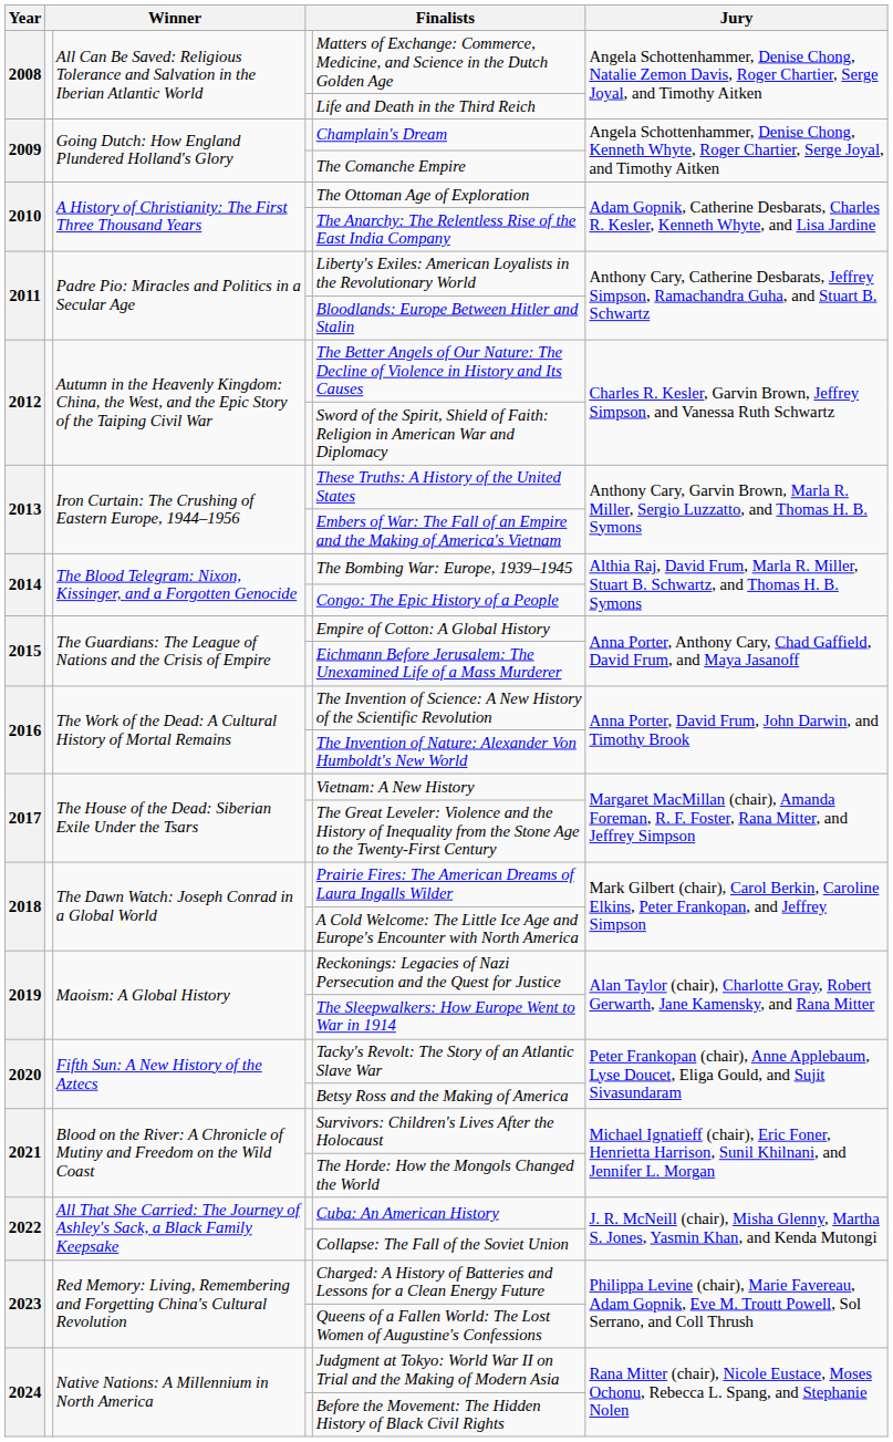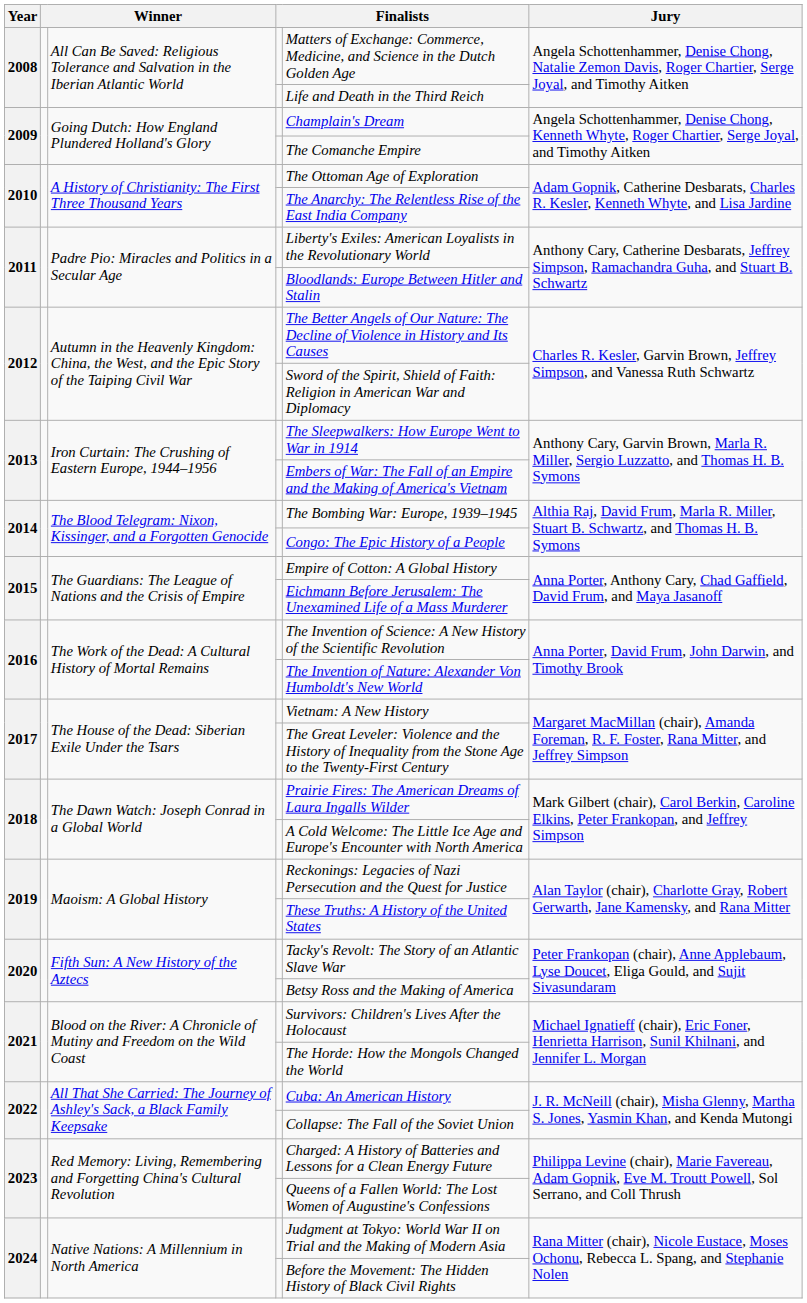 <table class="wikitable sortable">
 <tr>
 <th scope="col">Year</th>
 <th scope="colgroup" colspan="2">Winner</th>
 <th scope="colgroup" colspan="2">Finalists</th>
 <th scope="col" class="unsortable">Jury</th>
 </tr>
 <tr>
 <th scope="rowgroup" rowspan="2">2008</th>
 <td rowspan="2"></td>
 <td rowspan="2"><em>All Can Be Saved: Religious Tolerance and Salvation in the Iberian Atlantic World</em></td>
 <td></td>
 <td><em>Matters of Exchange: Commerce, Medicine, and Science in the Dutch Golden Age</em></td>
 <td rowspan="2">Angela Schottenhammer, <a href='#'>Denise Chong</a>, <a href='#'>Natalie Zemon Davis</a>, <a href='#'>Roger Chartier</a>, <a href='#'>Serge Joyal</a>, and Timothy Aitken</td>
 </tr>
 <tr>
 <td></td>
 <td><em>Life and Death in the Third Reich</em></td>
 </tr>
 <tr>
 <th scope="rowgroup" rowspan="2">2009</th>
 <td rowspan="2"></td>
 <td rowspan="2"><em>Going Dutch: How England Plundered Holland's Glory</em></td>
 <td></td>
 <td><em><a href='#'>Champlain's Dream</a></em></td>
 <td rowspan="2">Angela Schottenhammer, <a href='#'>Denise Chong</a>, <a href='#'>Kenneth Whyte</a>, <a href='#'>Roger Chartier</a>, <a href='#'>Serge Joyal</a>, and Timothy Aitken</td>
 </tr>
 <tr>
 <td></td>
 <td><em>The Comanche Empire</em></td>
 </tr>
 <tr>
 <th scope="rowgroup" rowspan="2">2010</th>
 <td rowspan="2"></td>
 <td rowspan="2"><em><a href='#'>A History of Christianity: The First Three Thousand Years</a></em></td>
 <td></td>
 <td><em>The Ottoman Age of Exploration</em></td>
 <td rowspan="2"><a href='#'>Adam Gopnik</a>, Catherine Desbarats, <a href='#'>Charles R. Kesler</a>, <a href='#'>Kenneth Whyte</a>, and <a href='#'>Lisa Jardine</a></td>
 </tr>
 <tr>
 <td></td>
 <td><em><a href='#'>The Anarchy: The Relentless Rise of the East India Company</a></em></td>
 </tr>
 <tr>
 <th scope="rowgroup" rowspan="2">2011</th>
 <td rowspan="2"></td>
 <td rowspan="2"><em>Padre Pio: Miracles and Politics in a Secular Age</em></td>
 <td></td>
 <td><em>Liberty's Exiles: American Loyalists in the Revolutionary World</em></td>
 <td rowspan="2">Anthony Cary, Catherine Desbarats, <a href='#'>Jeffrey Simpson</a>, <a href='#'>Ramachandra Guha</a>, and <a href='#'>Stuart B. Schwartz</a></td>
 </tr>
 <tr>
 <td></td>
 <td><em><a href='#'>Bloodlands: Europe Between Hitler and Stalin</a></em></td>
 </tr>
 <tr>
 <th scope="rowgroup" rowspan="2">2012</th>
 <td rowspan="2"></td>
 <td rowspan="2"><em>Autumn in the Heavenly Kingdom: China, the West, and the Epic Story of the Taiping Civil War</em></td>
 <td></td>
 <td><em><a href='#'>The Better Angels of Our Nature: The Decline of Violence in History and Its Causes</a></em></td>
 <td rowspan="2"><a href='#'>Charles R. Kesler</a>, Garvin Brown, <a href='#'>Jeffrey Simpson</a>, and Vanessa Ruth Schwartz</td>
 </tr>
 <tr>
 <td></td>
 <td><em>Sword of the Spirit, Shield of Faith: Religion in American War and Diplomacy</em></td>
 </tr>
 <tr>
 <th scope="rowgroup" rowspan="2">2013</th>
 <td rowspan="2"></td>
 <td rowspan="2"><em>Iron Curtain: The Crushing of Eastern Europe, 1944–1956</em></td>
 <td></td>
-<td><em><a href='#'>These Truths: A History of the United States</a></em></td>
+<td><em><a href='#'>The Sleepwalkers: How Europe Went to War in 1914</a></em></td>
 <td rowspan="2">Anthony Cary, Garvin Brown, <a href='#'>Marla R. Miller</a>, <a href='#'>Sergio Luzzatto</a>, and <a href='#'>Thomas H. B. Symons</a></td>
 </tr>
 <tr>
 <td></td>
 <td><em><a href='#'>Embers of War: The Fall of an Empire and the Making of America's Vietnam</a></em></td>
 </tr>
 <tr>
 <th scope="rowgroup" rowspan="2">2014</th>
 <td rowspan="2"></td>
 <td rowspan="2"><em><a href='#'>The Blood Telegram: Nixon, Kissinger, and a Forgotten Genocide</a></em></td>
 <td></td>
 <td><em>The Bombing War: Europe, 1939–1945</em></td>
 <td rowspan="2"><a href='#'>Althia Raj</a>, <a href='#'>David Frum</a>, <a href='#'>Marla R. Miller</a>, <a href='#'>Stuart B. Schwartz</a>, and <a href='#'>Thomas H. B. Symons</a></td>
 </tr>
 <tr>
 <td></td>
 <td><em><a href='#'>Congo: The Epic History of a People</a></em></td>
 </tr>
 <tr>
 <th scope="rowgroup" rowspan="2">2015</th>
 <td rowspan="2"></td>
 <td rowspan="2"><em>The Guardians: The League of Nations and the Crisis of Empire</em></td>
 <td></td>
 <td><em>Empire of Cotton: A Global History</em></td>
 <td rowspan="2"><a href='#'>Anna Porter</a>, Anthony Cary, <a href='#'>Chad Gaffield</a>, <a href='#'>David Frum</a>, and <a href='#'>Maya Jasanoff</a></td>
 </tr>
 <tr>
 <td></td>
 <td><em><a href='#'>Eichmann Before Jerusalem: The Unexamined Life of a Mass Murderer</a></em></td>
 </tr>
 <tr>
 <th scope="rowgroup" rowspan="2">2016</th>
 <td rowspan="2"></td>
 <td rowspan="2"><em>The Work of the Dead: A Cultural History of Mortal Remains</em></td>
 <td></td>
 <td><em>The Invention of Science: A New History of the Scientific Revolution</em></td>
 <td rowspan="2"><a href='#'>Anna Porter</a>, <a href='#'>David Frum</a>, <a href='#'>John Darwin</a>, and <a href='#'>Timothy Brook</a></td>
 </tr>
 <tr>
 <td></td>
 <td><em><a href='#'>The Invention of Nature: Alexander Von Humboldt's New World</a></em></td>
 </tr>
 <tr>
 <th scope="rowgroup" rowspan="2">2017</th>
 <td rowspan="2"></td>
 <td rowspan="2"><em>The House of the Dead: Siberian Exile Under the Tsars</em></td>
 <td></td>
 <td><em>Vietnam: A New History</em></td>
 <td rowspan="2"><a href='#'>Margaret MacMillan</a> (chair), <a href='#'>Amanda Foreman</a>, <a href='#'>R. F. Foster</a>, <a href='#'>Rana Mitter</a>, and <a href='#'>Jeffrey Simpson</a></td>
 </tr>
 <tr>
 <td></td>
 <td><em>The Great Leveler: Violence and the History of Inequality from the Stone Age to the Twenty-First Century</em></td>
 </tr>
 <tr>
 <th scope="rowgroup" rowspan="2">2018</th>
 <td rowspan="2"></td>
 <td rowspan="2"><em>The Dawn Watch: Joseph Conrad in a Global World</em></td>
 <td></td>
 <td><em><a href='#'>Prairie Fires: The American Dreams of Laura Ingalls Wilder</a></em></td>
 <td rowspan="2">Mark Gilbert (chair), <a href='#'>Carol Berkin</a>, <a href='#'>Caroline Elkins</a>, <a href='#'>Peter Frankopan</a>, and <a href='#'>Jeffrey Simpson</a></td>
 </tr>
 <tr>
 <td></td>
 <td><em>A Cold Welcome: The Little Ice Age and Europe's Encounter with North America</em></td>
 </tr>
 <tr>
 <th scope="rowgroup" rowspan="2">2019</th>
 <td rowspan="2"></td>
 <td rowspan="2"><em>Maoism: A Global History</em></td>
 <td></td>
 <td><em>Reckonings: Legacies of Nazi Persecution and the Quest for Justice</em></td>
 <td rowspan="2"><a href='#'>Alan Taylor</a> (chair), <a href='#'>Charlotte Gray</a>, <a href='#'>Robert Gerwarth</a>, <a href='#'>Jane Kamensky</a>, and <a href='#'>Rana Mitter</a></td>
 </tr>
 <tr>
 <td></td>
-<td><em><a href='#'>The Sleepwalkers: How Europe Went to War in 1914</a></em></td>
+<td><em><a href='#'>These Truths: A History of the United States</a></em></td>
 </tr>
 <tr>
 <th scope="rowgroup" rowspan="2">2020</th>
 <td rowspan="2"></td>
 <td rowspan="2"><em><a href='#'>Fifth Sun: A New History of the Aztecs</a></em></td>
 <td></td>
 <td><em>Tacky's Revolt: The Story of an Atlantic Slave War</em></td>
 <td rowspan="2"><a href='#'>Peter Frankopan</a> (chair), <a href='#'>Anne Applebaum</a>, <a href='#'>Lyse Doucet</a>, Eliga Gould, and <a href='#'>Sujit Sivasundaram</a></td>
 </tr>
 <tr>
 <td></td>
 <td><em>Betsy Ross and the Making of America</em></td>
 </tr>
 <tr>
 <th scope="rowgroup" rowspan="2">2021</th>
 <td rowspan="2"></td>
 <td rowspan="2"><em>Blood on the River: A Chronicle of Mutiny and Freedom on the Wild Coast</em></td>
 <td></td>
 <td><em>Survivors: Children's Lives After the Holocaust</em></td>
 <td rowspan="2"><a href='#'>Michael Ignatieff</a> (chair), <a href='#'>Eric Foner</a>, <a href='#'>Henrietta Harrison</a>, <a href='#'>Sunil Khilnani</a>, and <a href='#'>Jennifer L. Morgan</a></td>
 </tr>
 <tr>
 <td></td>
 <td><em>The Horde: How the Mongols Changed the World</em></td>
 </tr>
 <tr>
 <th scope="rowgroup" rowspan="2">2022</th>
 <td rowspan="2"></td>
 <td rowspan="2"><em><a href='#'>All That She Carried: The Journey of Ashley's Sack, a Black Family Keepsake</a></em></td>
 <td></td>
 <td><em><a href='#'>Cuba: An American History</a></em></td>
 <td rowspan="2"><a href='#'>J. R. McNeill</a> (chair), <a href='#'>Misha Glenny</a>, <a href='#'>Martha S. Jones</a>, <a href='#'>Yasmin Khan</a>, and Kenda Mutongi</td>
 </tr>
 <tr>
 <td></td>
 <td><em>Collapse: The Fall of the Soviet Union</em></td>
 </tr>
 <tr>
 <th scope="rowgroup" rowspan="2">2023</th>
 <td rowspan="2"></td>
 <td rowspan="2"><em>Red Memory: Living, Remembering and Forgetting China's Cultural Revolution</em></td>
 <td></td>
 <td><em>Charged: A History of Batteries and Lessons for a Clean Energy Future</em></td>
 <td rowspan="2"><a href='#'>Philippa Levine</a> (chair), <a href='#'>Marie Favereau</a>, <a href='#'>Adam Gopnik</a>, <a href='#'>Eve M. Troutt Powell</a>, Sol Serrano, and Coll Thrush</td>
 </tr>
 <tr>
 <td></td>
 <td><em>Queens of a Fallen World: The Lost Women of Augustine's Confessions</em></td>
 </tr>
 <tr>
 <th scope="rowgroup" rowspan="2">2024</th>
 <td rowspan="2"></td>
 <td rowspan="2"><em>Native Nations: A Millennium in North America</em></td>
 <td></td>
 <td><em>Judgment at Tokyo: World War II on Trial and the Making of Modern Asia</em></td>
 <td rowspan="2"><a href='#'>Rana Mitter</a> (chair), <a href='#'>Nicole Eustace</a>, <a href='#'>Moses Ochonu</a>, Rebecca L. Spang, and <a href='#'>Stephanie Nolen</a></td>
 </tr>
 <tr>
 <td></td>
 <td><em>Before the Movement: The Hidden History of Black Civil Rights</em></td>
 </tr>
 </table>
